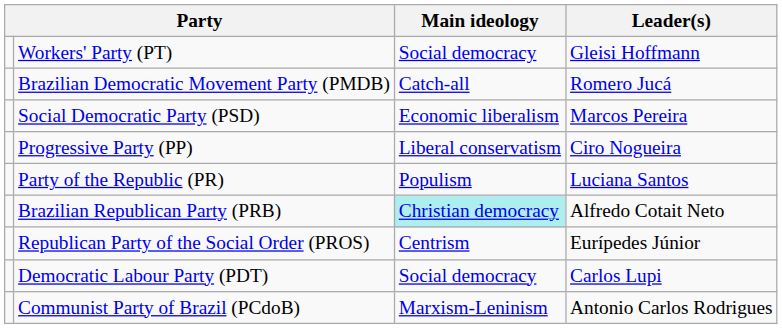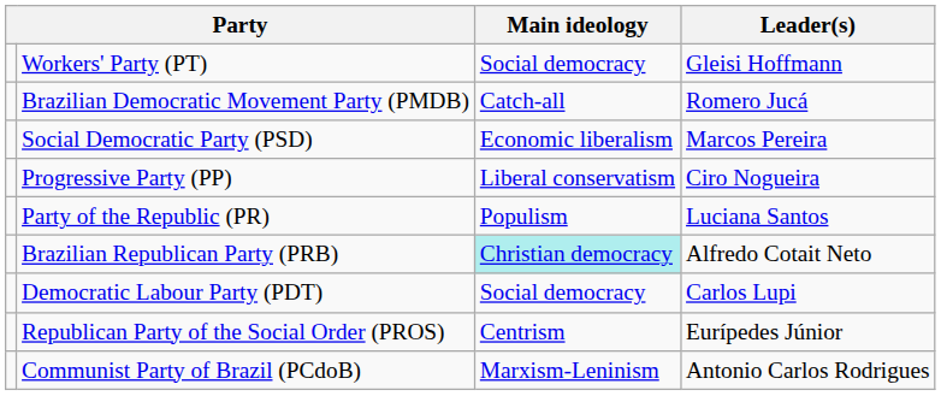 <table class="wikitable" style="font-size:95%">
 <tr>
 <th colspan=2>Party</th>
 <th>Main ideology</th>
 <th>Leader(s)</th>
 </tr>
 <tr>
 <td></td>
 <td><a href='#'>Workers' Party</a> (PT)</td>
 <td><a href='#'>Social democracy</a></td>
 <td><a href='#'>Gleisi Hoffmann</a></td>
 </tr>
 <tr>
 <td></td>
 <td><a href='#'>Brazilian Democratic Movement Party</a> (PMDB)</td>
 <td><a href='#'>Catch-all</a></td>
 <td><a href='#'>Romero Jucá</a></td>
 </tr>
 <tr>
 <td></td>
 <td><a href='#'>Social Democratic Party</a> (PSD)</td>
 <td><a href='#'>Economic liberalism</a></td>
 <td><a href='#'>Marcos Pereira</a></td>
 </tr>
 <tr>
 <td></td>
 <td><a href='#'>Progressive Party</a> (PP)</td>
 <td><a href='#'>Liberal conservatism</a></td>
 <td><a href='#'>Ciro Nogueira</a></td>
 </tr>
 <tr>
 <td></td>
 <td><a href='#'>Party of the Republic</a> (PR)</td>
 <td><a href='#'>Populism</a></td>
 <td><a href='#'>Luciana Santos</a></td>
 </tr>
 <tr>
 <td></td>
 <td><a href='#'>Brazilian Republican Party</a> (PRB)</td>
 <td style="background: paleturquoise;"><a href='#'>Christian democracy</a></td>
 <td>Alfredo Cotait Neto</td>
 </tr>
 <tr>
 <td></td>
+<td><a href='#'>Democratic Labour Party</a> (PDT)</td>
+<td><a href='#'>Social democracy</a></td>
+<td><a href='#'>Carlos Lupi</a></td>
+</tr>
+<tr>
+<td></td>
 <td><a href='#'>Republican Party of the Social Order</a> (PROS)</td>
 <td><a href='#'>Centrism</a></td>
 <td>Eurípedes Júnior</td>
-</tr>
-<tr>
-<td></td>
-<td><a href='#'>Democratic Labour Party</a> (PDT)</td>
-<td><a href='#'>Social democracy</a></td>
-<td><a href='#'>Carlos Lupi</a></td>
 </tr>
 <tr>
 <td></td>
 <td><a href='#'>Communist Party of Brazil</a> (PCdoB)</td>
 <td><a href='#'>Marxism-Leninism</a></td>
 <td>Antonio Carlos Rodrigues</td>
 </tr>
 </table>
